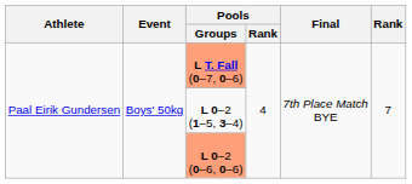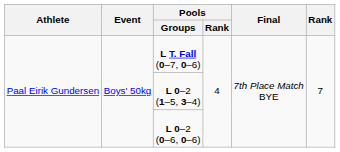 <table class="wikitable" style="text-align:left; font-size:90%">
 <tr>
 <th rowspan="2">Athlete</th>
 <th rowspan="2">Event</th>
 <th colspan="2">Pools</th>
 <th rowspan="2">Final</th>
 <th rowspan="2">Rank</th>
 </tr>
 <tr>
 <th>Groups</th>
 <th>Rank</th>
 </tr>
 <tr>
 <td rowspan="3"><a href='#'>Paal Eirik Gundersen</a></td>
 <td rowspan="3"><a href='#'>Boys' 50kg</a></td>
-<td align=center style="background: lightsalmon;"><br><strong>L</strong> <strong><a href='#'>T. Fall</a></strong><br>(<strong>0</strong>–7, <strong>0</strong>–6)</td>
+<td align=center><br><strong>L</strong> <strong><a href='#'>T. Fall</a></strong><br>(<strong>0</strong>–7, <strong>0</strong>–6)</td>
 <td rowspan="3" align=center>4</td>
 <td align=center rowspan=3><em>7th Place Match</em><br>BYE</td>
 <td rowspan="3" align="center">7</td>
 </tr>
 <tr>
 <td align=center><br><strong>L</strong> <strong>0</strong>–2<br>(<strong>1</strong>–5, <strong>3</strong>–4)</td>
 </tr>
 <tr>
-<td align=center style="background: lightsalmon;"><br><strong>L</strong> <strong>0</strong>–2<br>(<strong>0</strong>–6, <strong>0</strong>–6)</td>
+<td align=center><br><strong>L</strong> <strong>0</strong>–2<br>(<strong>0</strong>–6, <strong>0</strong>–6)</td>
 </tr>
 </table>
